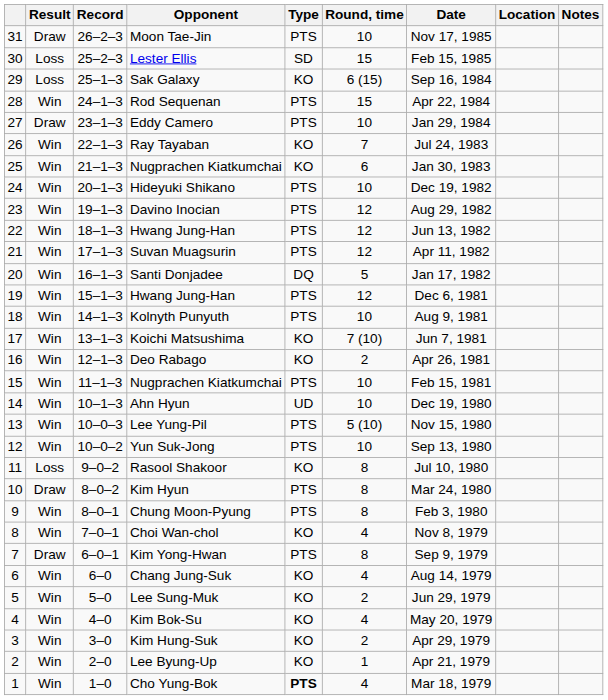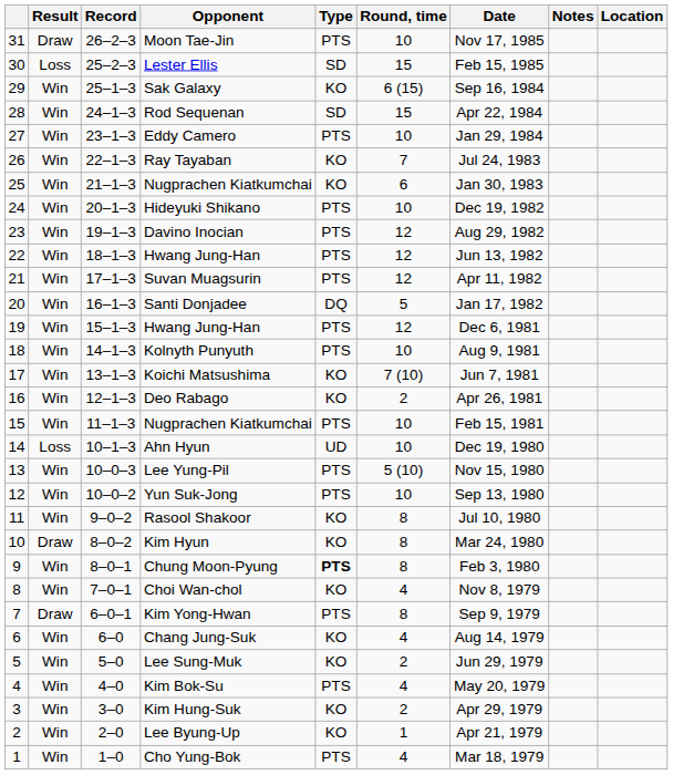 <table class="wikitable" style="text-align:center">
 <tr>
 <th></th>
 <th>Result</th>
 <th>Record</th>
 <th>Opponent</th>
 <th>Type</th>
 <th>Round, time</th>
 <th>Date</th>
+<th>Notes</th>
 <th>Location</th>
-<th>Notes</th>
 </tr>
 <tr>
 <td>31</td>
 <td>Draw</td>
 <td>26–2–3</td>
 <td style="text-align:left;">Moon Tae-Jin</td>
 <td>PTS</td>
 <td>10</td>
 <td>Nov 17, 1985</td>
+<td></td>
 <td style="text-align:left;"></td>
-<td></td>
 </tr>
 <tr>
 <td>30</td>
 <td>Loss</td>
 <td>25–2–3</td>
 <td style="text-align:left;"><a href='#'>Lester Ellis</a></td>
 <td>SD</td>
 <td>15</td>
 <td>Feb 15, 1985</td>
 <td style="text-align:left;"></td>
 <td style="text-align:left;"></td>
 </tr>
 <tr>
 <td>29</td>
-<td>Loss</td>
+<td>Win</td>
 <td>25–1–3</td>
 <td style="text-align:left;">Sak Galaxy</td>
 <td>KO</td>
 <td>6 (15)</td>
 <td>Sep 16, 1984</td>
 <td style="text-align:left;"></td>
 <td style="text-align:left;"></td>
 </tr>
 <tr>
 <td>28</td>
 <td>Win</td>
 <td>24–1–3</td>
 <td style="text-align:left;">Rod Sequenan</td>
-<td>PTS</td>
+<td>SD</td>
 <td>15</td>
 <td>Apr 22, 1984</td>
 <td style="text-align:left;"></td>
 <td style="text-align:left;"></td>
 </tr>
 <tr>
 <td>27</td>
-<td>Draw</td>
+<td>Win</td>
 <td>23–1–3</td>
 <td style="text-align:left;">Eddy Camero</td>
 <td>PTS</td>
 <td>10</td>
 <td>Jan 29, 1984</td>
+<td></td>
 <td style="text-align:left;"></td>
-<td></td>
 </tr>
 <tr>
 <td>26</td>
 <td>Win</td>
 <td>22–1–3</td>
 <td style="text-align:left;">Ray Tayaban</td>
 <td>KO</td>
 <td>7</td>
 <td>Jul 24, 1983</td>
+<td></td>
 <td style="text-align:left;"></td>
-<td></td>
 </tr>
 <tr>
 <td>25</td>
 <td>Win</td>
 <td>21–1–3</td>
 <td style="text-align:left;">Nugprachen Kiatkumchai</td>
 <td>KO</td>
 <td>6</td>
 <td>Jan 30, 1983</td>
+<td></td>
 <td style="text-align:left;"></td>
-<td></td>
 </tr>
 <tr>
 <td>24</td>
 <td>Win</td>
 <td>20–1–3</td>
 <td style="text-align:left;">Hideyuki Shikano</td>
 <td>PTS</td>
 <td>10</td>
 <td>Dec 19, 1982</td>
+<td></td>
 <td style="text-align:left;"></td>
-<td></td>
 </tr>
 <tr>
 <td>23</td>
 <td>Win</td>
 <td>19–1–3</td>
 <td style="text-align:left;">Davino Inocian</td>
 <td>PTS</td>
 <td>12</td>
 <td>Aug 29, 1982</td>
 <td style="text-align:left;"></td>
 <td style="text-align:left;"></td>
 </tr>
 <tr>
 <td>22</td>
 <td>Win</td>
 <td>18–1–3</td>
 <td style="text-align:left;">Hwang Jung-Han</td>
 <td>PTS</td>
 <td>12</td>
 <td>Jun 13, 1982</td>
 <td style="text-align:left;"></td>
 <td style="text-align:left;"></td>
 </tr>
 <tr>
 <td>21</td>
 <td>Win</td>
 <td>17–1–3</td>
 <td style="text-align:left;">Suvan Muagsurin</td>
 <td>PTS</td>
 <td>12</td>
 <td>Apr 11, 1982</td>
 <td style="text-align:left;"></td>
 <td style="text-align:left;"></td>
 </tr>
 <tr>
 <td>20</td>
 <td>Win</td>
 <td>16–1–3</td>
 <td style="text-align:left;">Santi Donjadee</td>
 <td>DQ</td>
 <td>5</td>
 <td>Jan 17, 1982</td>
+<td></td>
 <td style="text-align:left;"></td>
-<td></td>
 </tr>
 <tr>
 <td>19</td>
 <td>Win</td>
 <td>15–1–3</td>
 <td style="text-align:left;">Hwang Jung-Han</td>
 <td>PTS</td>
 <td>12</td>
 <td>Dec 6, 1981</td>
 <td style="text-align:left;"></td>
 <td style="text-align:left;"></td>
 </tr>
 <tr>
 <td>18</td>
 <td>Win</td>
 <td>14–1–3</td>
 <td style="text-align:left;">Kolnyth Punyuth</td>
 <td>PTS</td>
 <td>10</td>
 <td>Aug 9, 1981</td>
+<td></td>
 <td style="text-align:left;"></td>
-<td></td>
 </tr>
 <tr>
 <td>17</td>
 <td>Win</td>
 <td>13–1–3</td>
 <td style="text-align:left;">Koichi Matsushima</td>
 <td>KO</td>
 <td>7 (10)</td>
 <td>Jun 7, 1981</td>
+<td></td>
 <td style="text-align:left;"></td>
-<td></td>
 </tr>
 <tr>
 <td>16</td>
 <td>Win</td>
 <td>12–1–3</td>
 <td style="text-align:left;">Deo Rabago</td>
 <td>KO</td>
 <td>2</td>
 <td>Apr 26, 1981</td>
+<td></td>
 <td style="text-align:left;"></td>
-<td></td>
 </tr>
 <tr>
 <td>15</td>
 <td>Win</td>
 <td>11–1–3</td>
 <td style="text-align:left;">Nugprachen Kiatkumchai</td>
 <td>PTS</td>
 <td>10</td>
 <td>Feb 15, 1981</td>
+<td></td>
 <td style="text-align:left;"></td>
-<td></td>
 </tr>
 <tr>
 <td>14</td>
-<td>Win</td>
+<td>Loss</td>
 <td>10–1–3</td>
 <td style="text-align:left;">Ahn Hyun</td>
 <td>UD</td>
 <td>10</td>
 <td>Dec 19, 1980</td>
+<td></td>
 <td style="text-align:left;"></td>
-<td></td>
 </tr>
 <tr>
 <td>13</td>
 <td>Win</td>
 <td>10–0–3</td>
 <td style="text-align:left;">Lee Yung-Pil</td>
 <td>PTS</td>
 <td>5 (10)</td>
 <td>Nov 15, 1980</td>
+<td></td>
 <td style="text-align:left;"></td>
-<td></td>
 </tr>
 <tr>
 <td>12</td>
 <td>Win</td>
 <td>10–0–2</td>
 <td style="text-align:left;">Yun Suk-Jong</td>
 <td>PTS</td>
 <td>10</td>
 <td>Sep 13, 1980</td>
+<td></td>
 <td style="text-align:left;"></td>
-<td></td>
 </tr>
 <tr>
 <td>11</td>
-<td>Loss</td>
+<td>Win</td>
 <td>9–0–2</td>
 <td style="text-align:left;">Rasool Shakoor</td>
 <td>KO</td>
 <td>8</td>
 <td>Jul 10, 1980</td>
+<td></td>
 <td style="text-align:left;"></td>
-<td></td>
 </tr>
 <tr>
 <td>10</td>
 <td>Draw</td>
 <td>8–0–2</td>
 <td style="text-align:left;">Kim Hyun</td>
-<td>PTS</td>
+<td>KO</td>
 <td>8</td>
 <td>Mar 24, 1980</td>
+<td></td>
 <td style="text-align:left;"></td>
-<td></td>
 </tr>
 <tr>
 <td>9</td>
 <td>Win</td>
 <td>8–0–1</td>
 <td style="text-align:left;">Chung Moon-Pyung</td>
-<td>PTS</td>
+<td><strong>PTS</strong></td>
 <td>8</td>
 <td>Feb 3, 1980</td>
+<td></td>
 <td style="text-align:left;"></td>
-<td></td>
 </tr>
 <tr>
 <td>8</td>
 <td>Win</td>
 <td>7–0–1</td>
 <td style="text-align:left;">Choi Wan-chol</td>
 <td>KO</td>
 <td>4</td>
 <td>Nov 8, 1979</td>
+<td></td>
 <td style="text-align:left;"></td>
-<td></td>
 </tr>
 <tr>
 <td>7</td>
 <td>Draw</td>
 <td>6–0–1</td>
 <td style="text-align:left;">Kim Yong-Hwan</td>
 <td>PTS</td>
 <td>8</td>
 <td>Sep 9, 1979</td>
+<td></td>
 <td style="text-align:left;"></td>
-<td></td>
 </tr>
 <tr>
 <td>6</td>
 <td>Win</td>
 <td>6–0</td>
 <td style="text-align:left;">Chang Jung-Suk</td>
 <td>KO</td>
 <td>4</td>
 <td>Aug 14, 1979</td>
+<td></td>
 <td style="text-align:left;"></td>
-<td></td>
 </tr>
 <tr>
 <td>5</td>
 <td>Win</td>
 <td>5–0</td>
 <td style="text-align:left;">Lee Sung-Muk</td>
 <td>KO</td>
 <td>2</td>
 <td>Jun 29, 1979</td>
+<td></td>
 <td style="text-align:left;"></td>
-<td></td>
 </tr>
 <tr>
 <td>4</td>
 <td>Win</td>
 <td>4–0</td>
 <td style="text-align:left;">Kim Bok-Su</td>
-<td>KO</td>
+<td>PTS</td>
 <td>4</td>
 <td>May 20, 1979</td>
+<td></td>
 <td style="text-align:left;"></td>
-<td></td>
 </tr>
 <tr>
 <td>3</td>
 <td>Win</td>
 <td>3–0</td>
 <td style="text-align:left;">Kim Hung-Suk</td>
 <td>KO</td>
 <td>2</td>
 <td>Apr 29, 1979</td>
+<td></td>
 <td style="text-align:left;"></td>
-<td></td>
 </tr>
 <tr>
 <td>2</td>
 <td>Win</td>
 <td>2–0</td>
 <td style="text-align:left;">Lee Byung-Up</td>
 <td>KO</td>
 <td>1</td>
 <td>Apr 21, 1979</td>
+<td></td>
 <td style="text-align:left;"></td>
-<td></td>
 </tr>
 <tr>
 <td>1</td>
 <td>Win</td>
 <td>1–0</td>
 <td style="text-align:left;">Cho Yung-Bok</td>
-<td><strong>PTS</strong></td>
+<td>PTS</td>
 <td>4</td>
 <td>Mar 18, 1979</td>
+<td></td>
 <td style="text-align:left;"></td>
-<td></td>
 </tr>
 </table>
